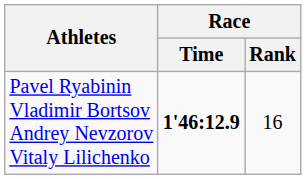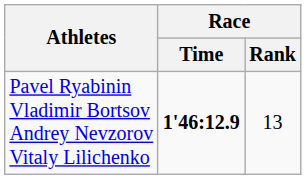 <table class="wikitable" style="font-size:90%">
 <tr>
 <th rowspan=2>Athletes</th>
 <th colspan=2>Race</th>
 </tr>
 <tr>
 <th>Time</th>
 <th>Rank</th>
 </tr>
 <tr>
 <td><a href='#'>Pavel Ryabinin</a><br><a href='#'>Vladimir Bortsov</a><br><a href='#'>Andrey Nevzorov</a><br><a href='#'>Vitaly Lilichenko</a></td>
 <td align=center><strong>1'46:12.9</strong></td>
-<td align=center>16</td>
+<td align=center>13</td>
 </tr>
 </table>
